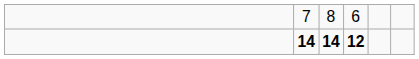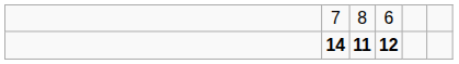 <table class="wikitable">
 <tr>
 <td style="width:18em"></td>
 <td align=center style="width:1em">7</td>
 <td align=center style="width:1em">8</td>
 <td align=center style="width:1em">6</td>
 <td align=center style="width:1em"></td>
 <td align=center style="width:1em"></td>
 </tr>
 <tr>
 <td style="width:18em"></td>
 <td align=center style="width:1em"><strong>14</strong></td>
-<td align=center style="width:1em"><strong>14</strong></td>
+<td align=center style="width:1em"><strong>11</strong></td>
 <td align=center style="width:1em"><strong>12</strong></td>
 <td align=center style="width:1em"></td>
 <td align=center style="width:1em"></td>
 </tr>
 </table>
